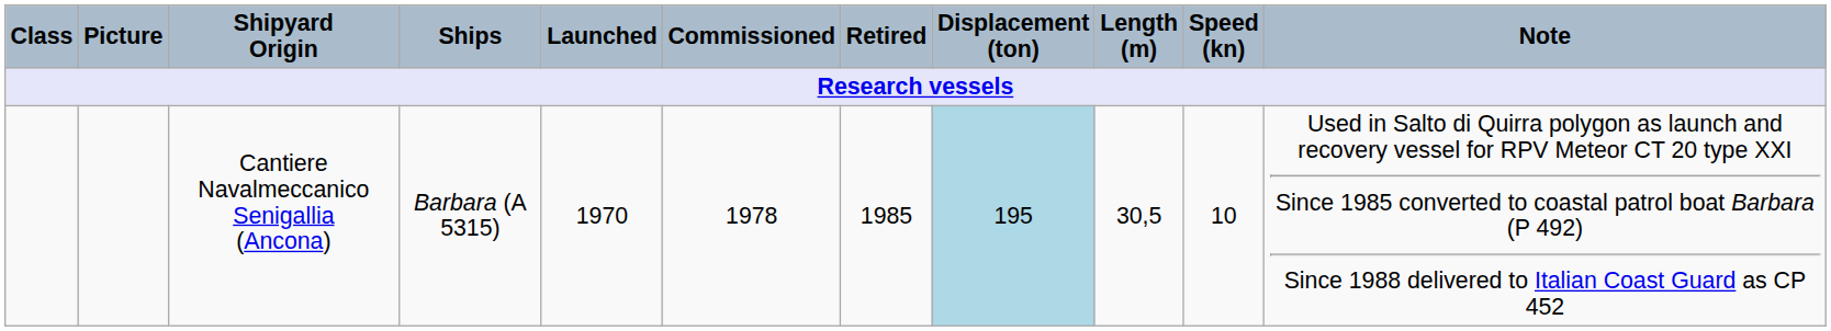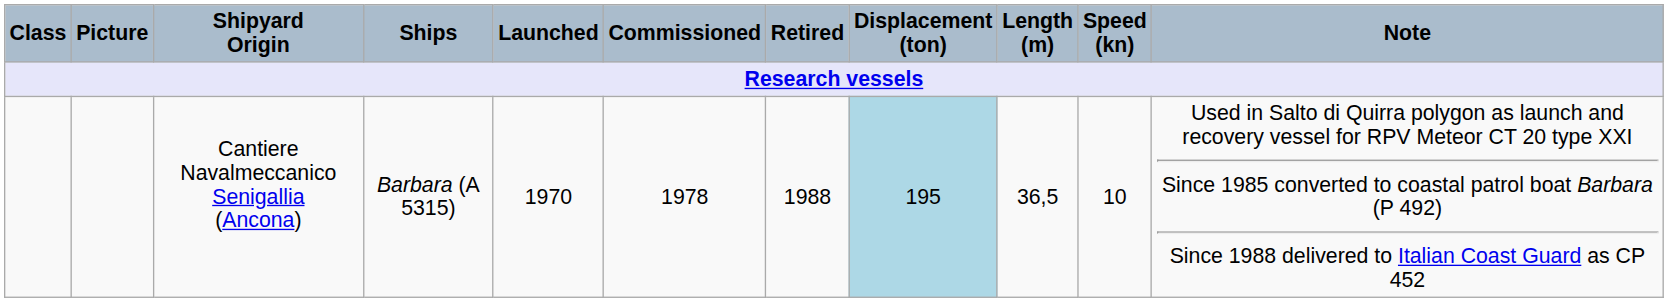 <table class="wikitable" style="text-align:center;">
 <tr>
 <th style="text-align: central; background: #aabccc;">Class</th>
 <th style="text-align: central; background: #aabccc;">Picture</th>
 <th style="text-align: central; background: #aabccc;">Shipyard<br>Origin</th>
 <th style="text-align: central; background: #aabccc;">Ships</th>
 <th style="text-align: central; background: #aabccc;">Launched</th>
 <th style="text-align: central; background: #aabccc;">Commissioned</th>
 <th style="text-align: central; background: #aabccc;">Retired</th>
 <th style="text-align: central; background: #aabccc;">Displacement<br>(ton)</th>
 <th style="text-align: central; background: #aabccc;">Length<br>(m)</th>
 <th style="text-align: central; background: #aabccc;">Speed<br>(kn)</th>
 <th style="text-align: central; background: #aabccc;">Note</th>
 </tr>
 <tr>
 <th style="align: center; background: lavender;" colspan="11"><strong><a href='#'>Research vessels</a></strong></th>
 </tr>
 <tr>
 <td></td>
 <td></td>
 <td>Cantiere Navalmeccanico<br><a href='#'>Senigallia</a><br>(<a href='#'>Ancona</a>)<br><br></td>
 <td><em>Barbara</em> (A 5315)</td>
 <td>1970</td>
 <td>1978</td>
-<td>1985</td>
+<td>1988</td>
 <td style="background: lightblue;">195</td>
-<td>30,5</td>
+<td>36,5</td>
 <td>10</td>
 <td>Used in Salto di Quirra polygon as launch and recovery vessel for RPV Meteor CT 20 type XXI<hr>Since 1985 converted to coastal patrol boat <em>Barbara</em> (P 492)<hr>Since 1988 delivered to <a href='#'>Italian Coast Guard</a> as CP 452</td>
 </tr>
 </table>
